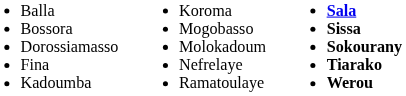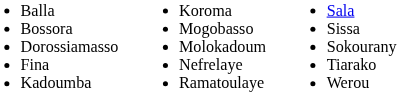 <table border="0" cellpadding="10" cellspacing="0">
 <tr>
 </tr>
 <tr valign="top">
 <td><br><ul><li>Balla</li><li>Bossora</li><li>Dorossiamasso</li><li>Fina</li><li>Kadoumba</li></ul></td>
 <td><br><ul><li>Koroma</li><li>Mogobasso</li><li>Molokadoum</li><li>Nefrelaye</li><li>Ramatoulaye</li></ul></td>
-<td><strong><br><ul><li><a href='#'>Sala</a></li><li>Sissa</li><li>Sokourany</li><li>Tiarako</li><li>Werou</li></ul></strong></td>
+<td><br><ul><li><a href='#'>Sala</a></li><li>Sissa</li><li>Sokourany</li><li>Tiarako</li><li>Werou</li></ul></td>
 </tr>
 </table>
